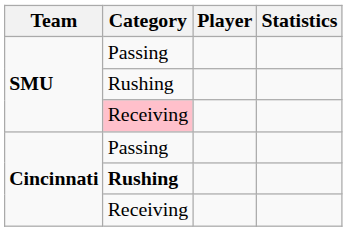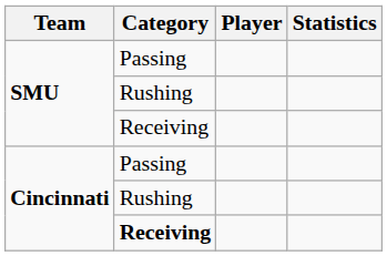 <table class="wikitable" style="float: left;">
 <tr>
 <th>Team</th>
 <th>Category</th>
 <th>Player</th>
 <th>Statistics</th>
 </tr>
 <tr>
 <td rowspan=3><strong>SMU</strong></td>
 <td>Passing</td>
 <td></td>
 <td></td>
 </tr>
 <tr>
 <td>Rushing</td>
 <td></td>
 <td></td>
 </tr>
 <tr>
-<td style="background: pink;">Receiving</td>
+<td>Receiving</td>
 <td></td>
 <td></td>
 </tr>
 <tr>
 <td rowspan=3><strong>Cincinnati</strong></td>
 <td>Passing</td>
 <td></td>
 <td></td>
 </tr>
 <tr>
-<td><strong>Rushing</strong></td>
+<td>Rushing</td>
 <td></td>
 <td></td>
 </tr>
 <tr>
-<td>Receiving</td>
+<td><strong>Receiving</strong></td>
 <td></td>
 <td></td>
 </tr>
 </table>
